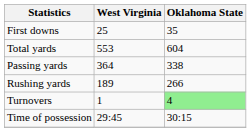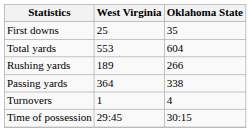 <table class="wikitable" style="float: left;">
 <tr>
 <th>Statistics</th>
 <th>West Virginia</th>
 <th>Oklahoma State</th>
 </tr>
 <tr>
 <td>First downs</td>
 <td>25</td>
 <td>35</td>
 </tr>
 <tr>
 <td>Total yards</td>
 <td>553</td>
 <td>604</td>
 </tr>
 <tr>
+<td>Rushing yards</td>
+<td>189</td>
+<td>266</td>
+</tr>
+<tr>
 <td>Passing yards</td>
 <td>364</td>
 <td>338</td>
 </tr>
 <tr>
-<td>Rushing yards</td>
-<td>189</td>
-<td>266</td>
-</tr>
-<tr>
 <td>Turnovers</td>
 <td>1</td>
-<td style="background: lightgreen;">4</td>
+<td>4</td>
 </tr>
 <tr>
 <td>Time of possession</td>
 <td>29:45</td>
 <td>30:15</td>
 </tr>
 <tr>
 </tr>
 </table>
